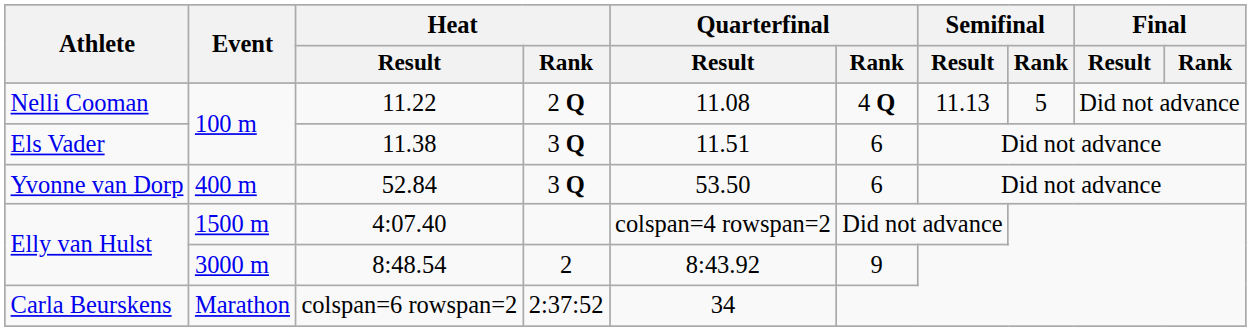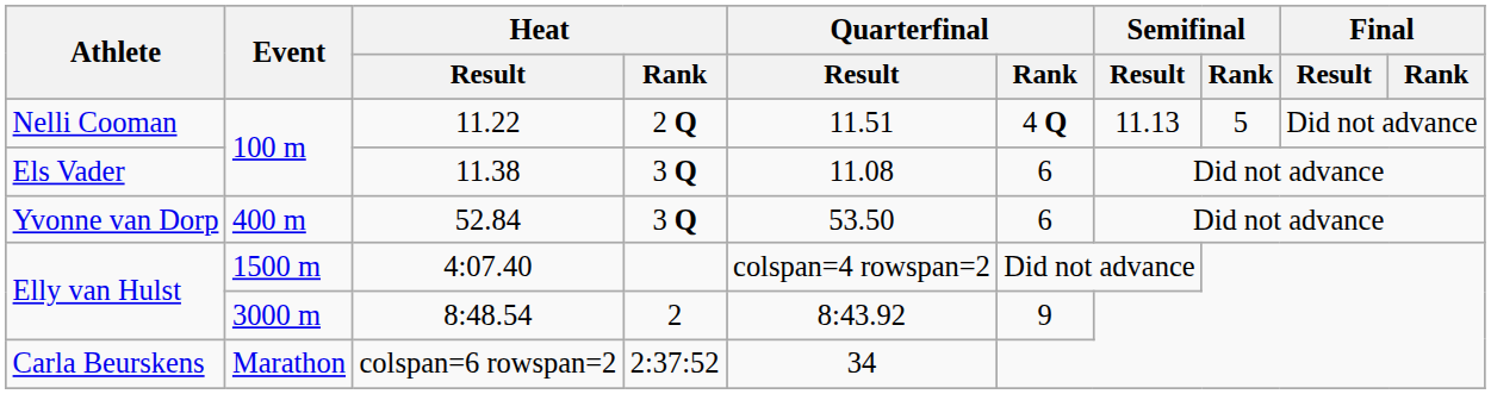 <table class="wikitable" style="font-size:90%">
 <tr>
 <th rowspan="2">Athlete</th>
 <th rowspan="2">Event</th>
 <th colspan="2">Heat</th>
 <th colspan="2">Quarterfinal</th>
 <th colspan="2">Semifinal</th>
 <th colspan="2">Final</th>
 </tr>
 <tr style="font-size:95%">
 <th>Result</th>
 <th>Rank</th>
 <th>Result</th>
 <th>Rank</th>
 <th>Result</th>
 <th>Rank</th>
 <th>Result</th>
 <th>Rank</th>
 </tr>
 <tr align=center>
 <td align=left><a href='#'>Nelli Cooman</a></td>
 <td align=left rowspan=2><a href='#'>100 m</a></td>
 <td>11.22</td>
 <td>2 <strong>Q</strong></td>
-<td>11.08</td>
+<td>11.51</td>
 <td>4 <strong>Q</strong></td>
 <td>11.13</td>
 <td>5</td>
 <td colspan=2>Did not advance</td>
 </tr>
 <tr align=center>
 <td align=left><a href='#'>Els Vader</a></td>
 <td>11.38</td>
 <td>3 <strong>Q</strong></td>
-<td>11.51</td>
+<td>11.08</td>
 <td>6</td>
 <td colspan=4>Did not advance</td>
 </tr>
 <tr align=center>
 <td align=left><a href='#'>Yvonne van Dorp</a></td>
 <td align=left rowspan=1><a href='#'>400 m</a></td>
 <td>52.84</td>
 <td>3 <strong>Q</strong></td>
 <td>53.50</td>
 <td>6</td>
 <td colspan=4>Did not advance</td>
 </tr>
 <tr align=center>
 <td align=left rowspan=2><a href='#'>Elly van Hulst</a></td>
 <td align=left rowspan=1><a href='#'>1500 m</a></td>
 <td>4:07.40</td>
 <td></td>
 <td>colspan=4 rowspan=2 </td>
 <td colspan=2>Did not advance</td>
 </tr>
 <tr align=center>
 <td align=left rowspan=1><a href='#'>3000 m</a></td>
 <td>8:48.54</td>
 <td>2</td>
 <td>8:43.92</td>
 <td>9</td>
 </tr>
 <tr align=center>
 <td align=left><a href='#'>Carla Beurskens</a></td>
 <td align=left rowspan=2><a href='#'>Marathon</a></td>
 <td>colspan=6 rowspan=2 </td>
 <td>2:37:52</td>
 <td>34</td>
 </tr>
 </table>
